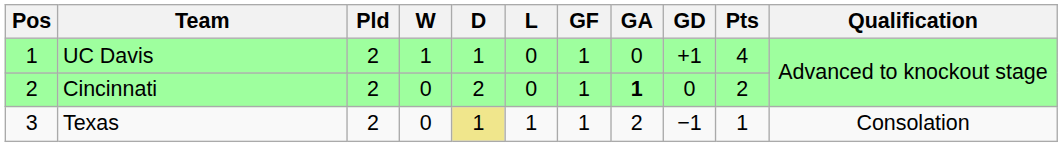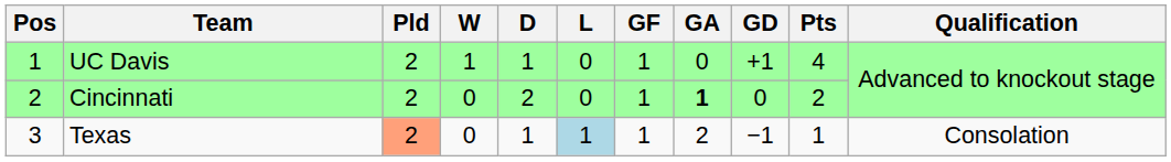 <table class="wikitable" style="text-align:center; margin: 1em auto">
 <tr>
 <th style="width:2em">Pos</th>
 <th style="width:13em">Team</th>
 <th style="width:2em">Pld</th>
 <th style="width:2em">W</th>
 <th style="width:2em">D</th>
 <th style="width:2em">L</th>
 <th style="width:2em">GF</th>
 <th style="width:2em">GA</th>
 <th style="width:2em">GD</th>
 <th style="width:2em">Pts</th>
 <th style="width:13em">Qualification</th>
 </tr>
 <tr bgcolor="#9eff9e">
 <td>1</td>
 <td style="text-align:left">UC Davis</td>
 <td>2</td>
 <td>1</td>
 <td>1</td>
 <td>0</td>
 <td>1</td>
 <td>0</td>
 <td>+1</td>
 <td>4</td>
 <td rowspan="2">Advanced to knockout stage</td>
 </tr>
 <tr bgcolor="#9eff9e">
 <td>2</td>
 <td style="text-align:left">Cincinnati</td>
 <td>2</td>
 <td>0</td>
 <td>2</td>
 <td>0</td>
 <td>1</td>
 <td><strong>1</strong></td>
 <td>0</td>
 <td>2</td>
 </tr>
 <tr>
 <td>3</td>
 <td style="text-align:left">Texas</td>
-<td>2</td>
+<td style="background: lightsalmon;">2</td>
 <td>0</td>
-<td style="background: khaki;">1</td>
 <td>1</td>
+<td style="background: lightblue;">1</td>
 <td>1</td>
 <td>2</td>
 <td>−1</td>
 <td>1</td>
 <td>Consolation</td>
 </tr>
 </table>
